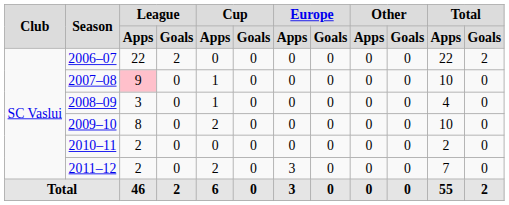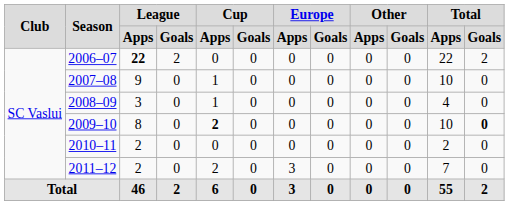 <table class="wikitable" style="text-align: center;">
 <tr>
 <th style="background: #DCDCDC; text-align: center" rowspan="2"><strong>Club</strong></th>
 <th style="background: #DCDCDC; text-align: center" rowspan="2"><strong>Season</strong></th>
 <th style="background: #DCDCDC; text-align: center" colspan="2"><strong>League</strong></th>
 <th style="background: #DCDCDC; text-align: center" colspan="2"><strong>Cup</strong></th>
 <th style="background: #DCDCDC; text-align: center" colspan="2"><a href='#'>Europe</a></th>
 <th style="background: #DCDCDC; text-align: center" colspan="2"><strong>Other</strong></th>
 <th style="background: #DCDCDC; text-align: center" colspan="3"><strong>Total</strong></th>
 </tr>
 <tr>
 <th style="background: #DCDCDC; text-align: center" colspan="1">Apps</th>
 <th style="background: #DCDCDC; text-align: center" rowspan="1">Goals</th>
 <th style="background: #DCDCDC; text-align: center" colspan="1">Apps</th>
 <th style="background: #DCDCDC; text-align: center" rowspan="1">Goals</th>
 <th style="background: #DCDCDC; text-align: center" colspan="1">Apps</th>
 <th style="background: #DCDCDC; text-align: center" rowspan="1">Goals</th>
 <th style="background: #DCDCDC; text-align: center" colspan="1">Apps</th>
 <th style="background: #DCDCDC; text-align: center" colspan="1">Goals</th>
 <th style="background: #DCDCDC; text-align: center" colspan="1">Apps</th>
 <th style="background: #DCDCDC; text-align: center" colspan="1">Goals</th>
 </tr>
 <tr>
 <td rowspan="6"><a href='#'>SC Vaslui</a></td>
 <td><a href='#'>2006–07</a></td>
-<td>22</td>
+<td><strong>22</strong></td>
 <td>2</td>
 <td>0</td>
 <td>0</td>
 <td>0</td>
 <td>0</td>
 <td>0</td>
 <td>0</td>
 <td>22</td>
 <td>2</td>
 </tr>
 <tr>
 <td><a href='#'>2007–08</a></td>
-<td style="background: pink;">9</td>
+<td>9</td>
 <td>0</td>
 <td>1</td>
 <td>0</td>
 <td>0</td>
 <td>0</td>
 <td>0</td>
 <td>0</td>
 <td>10</td>
 <td>0</td>
 </tr>
 <tr>
 <td><a href='#'>2008–09</a></td>
 <td>3</td>
 <td>0</td>
 <td>1</td>
 <td>0</td>
 <td>0</td>
 <td>0</td>
 <td>0</td>
 <td>0</td>
 <td>4</td>
 <td>0</td>
 </tr>
 <tr>
 <td><a href='#'>2009–10</a></td>
 <td>8</td>
 <td>0</td>
-<td>2</td>
+<td><strong>2</strong></td>
 <td>0</td>
 <td>0</td>
 <td>0</td>
 <td>0</td>
 <td>0</td>
 <td>10</td>
-<td>0</td>
+<td><strong>0</strong></td>
 </tr>
 <tr>
 <td><a href='#'>2010–11</a></td>
 <td>2</td>
 <td>0</td>
 <td>0</td>
 <td>0</td>
 <td>0</td>
 <td>0</td>
 <td>0</td>
 <td>0</td>
 <td>2</td>
 <td>0</td>
 </tr>
 <tr>
 <td><a href='#'>2011–12</a></td>
 <td>2</td>
 <td>0</td>
 <td>2</td>
 <td>0</td>
 <td>3</td>
 <td>0</td>
 <td>0</td>
 <td>0</td>
 <td>7</td>
 <td>0</td>
 </tr>
 <tr>
 <th style="background: #E5E5E5; text-align: center" colspan="2">Total</th>
 <th style="background: #E5E5E5; text-align: center" rowspan="1">46</th>
 <th style="background: #E5E5E5; text-align: center" rowspan="1">2</th>
 <th style="background: #E5E5E5; text-align: center" rowspan="1">6</th>
 <th style="background: #E5E5E5; text-align: center" rowspan="1">0</th>
 <th style="background: #E5E5E5; text-align: center" rowspan="1">3</th>
 <th style="background: #E5E5E5; text-align: center" rowspan="1">0</th>
 <th style="background: #E5E5E5; text-align: center" rowspan="1">0</th>
 <th style="background: #E5E5E5; text-align: center" rowspan="1">0</th>
 <th style="background: #E5E5E5; text-align: center" rowspan="1">55</th>
 <th style="background: #E5E5E5; text-align: center" rowspan="1">2</th>
 </tr>
 </table>
